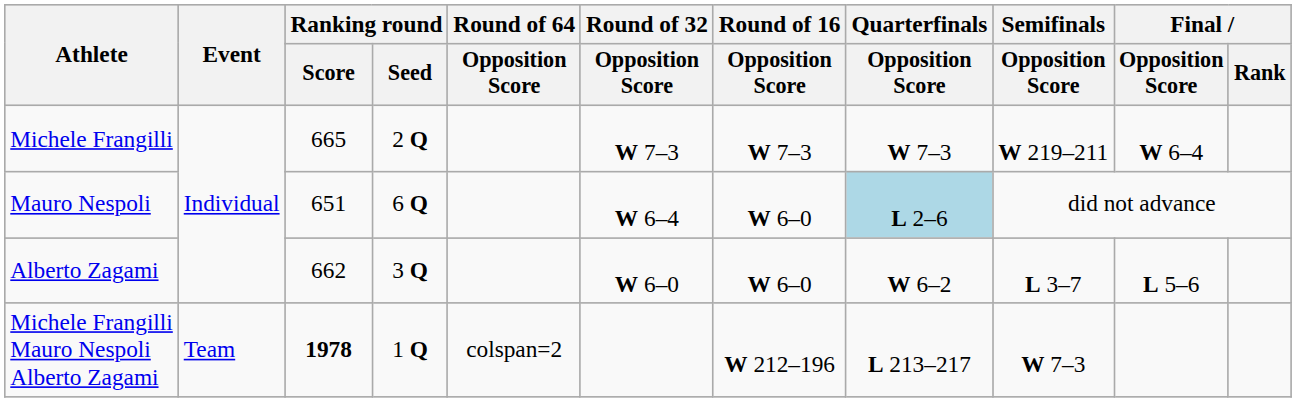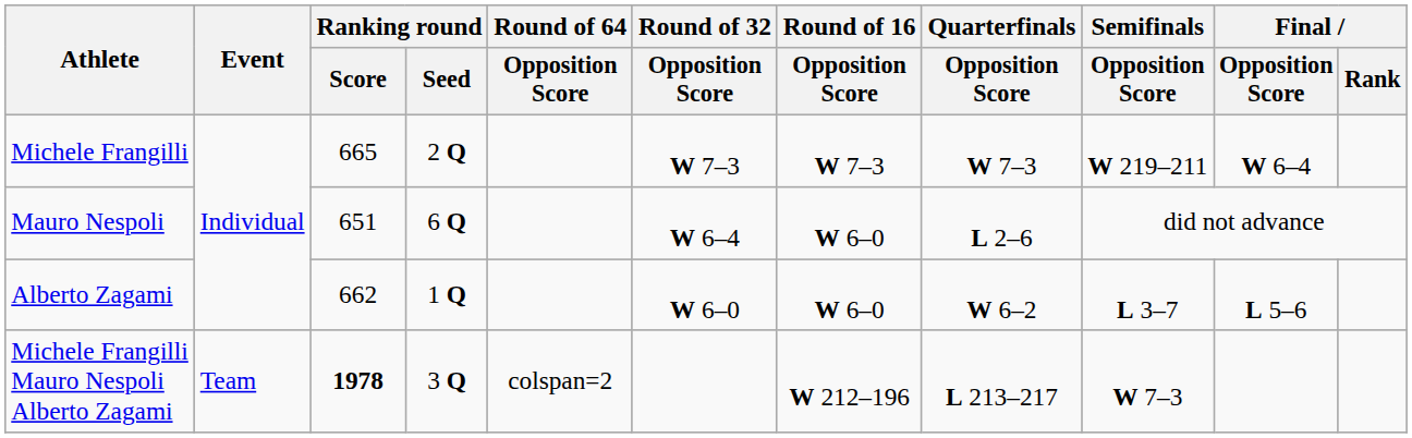 <table class="wikitable" style="font-size:90%">
 <tr>
 <th rowspan=2>Athlete</th>
 <th rowspan=2>Event</th>
 <th colspan=2>Ranking round</th>
 <th>Round of 64</th>
 <th>Round of 32</th>
 <th>Round of 16</th>
 <th>Quarterfinals</th>
 <th>Semifinals</th>
 <th colspan=2>Final / </th>
 </tr>
 <tr style="font-size:95%">
 <th>Score</th>
 <th>Seed</th>
 <th>Opposition<br>Score</th>
 <th>Opposition<br>Score</th>
 <th>Opposition<br>Score</th>
 <th>Opposition<br>Score</th>
 <th>Opposition<br>Score</th>
 <th>Opposition<br>Score</th>
 <th>Rank</th>
 </tr>
 <tr align=center>
 <td align=left><a href='#'>Michele Frangilli</a></td>
 <td align=left rowspan=3><a href='#'>Individual</a></td>
 <td>665</td>
 <td>2 <strong>Q</strong></td>
 <td></td>
 <td><br><strong>W</strong> 7–3</td>
 <td><br><strong>W</strong> 7–3</td>
 <td><br><strong>W</strong> 7–3</td>
 <td><br><strong>W</strong> 219–211</td>
 <td><br><strong>W</strong> 6–4</td>
 <td></td>
 </tr>
 <tr align=center>
 <td align=left><a href='#'>Mauro Nespoli</a></td>
 <td>651</td>
 <td>6 <strong>Q</strong></td>
 <td></td>
 <td><br><strong>W</strong> 6–4</td>
 <td><br><strong>W</strong> 6–0</td>
-<td style="background: lightblue;"><br><strong>L</strong> 2–6</td>
+<td><br><strong>L</strong> 2–6</td>
 <td colspan=3>did not advance</td>
 </tr>
 <tr align=center>
 <td align=left><a href='#'>Alberto Zagami</a></td>
 <td>662</td>
-<td>3 <strong>Q</strong></td>
+<td>1 <strong>Q</strong></td>
 <td></td>
 <td><br><strong>W</strong> 6–0</td>
 <td><br><strong>W</strong> 6–0</td>
 <td><br><strong>W</strong> 6–2</td>
 <td><br><strong>L</strong> 3–7</td>
 <td><br><strong>L</strong> 5–6</td>
 <td></td>
 </tr>
 <tr align=center>
 <td align=left><a href='#'>Michele Frangilli</a><br><a href='#'>Mauro Nespoli</a><br><a href='#'>Alberto Zagami</a></td>
 <td align=left><a href='#'>Team</a></td>
 <td><strong>1978</strong></td>
-<td>1 <strong>Q</strong></td>
+<td>3 <strong>Q</strong></td>
 <td>colspan=2 </td>
 <td></td>
 <td><br><strong>W</strong> 212–196</td>
 <td><br><strong>L</strong> 213–217</td>
 <td><br><strong>W</strong> 7–3</td>
 <td></td>
 </tr>
 </table>
